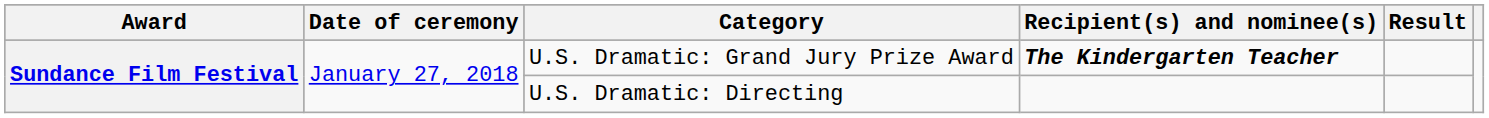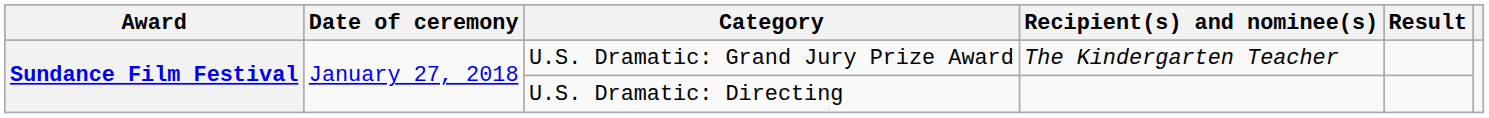 <table class="wikitable plainrowheaders sortable">
 <tr style="background:#ccc; text-align:center;">
 <th scope="col">Award</th>
 <th scope="col">Date of ceremony</th>
 <th scope="col">Category</th>
 <th scope="col">Recipient(s) and nominee(s)</th>
 <th scope="col">Result</th>
 <th scope="col" class="unsortable"></th>
 </tr>
 <tr>
 <th scope="row" rowspan="2"><a href='#'>Sundance Film Festival</a></th>
 <td rowspan="2"><a href='#'>January 27, 2018</a></td>
 <td>U.S. Dramatic: Grand Jury Prize Award</td>
-<td><strong><em>The Kindergarten Teacher</em></strong></td>
+<td><em>The Kindergarten Teacher</em></td>
 <td></td>
 <td style="text-align:center;" rowspan="2"><br></td>
 </tr>
 <tr>
 <td>U.S. Dramatic: Directing</td>
 <td></td>
 <td></td>
 </tr>
 </table>
